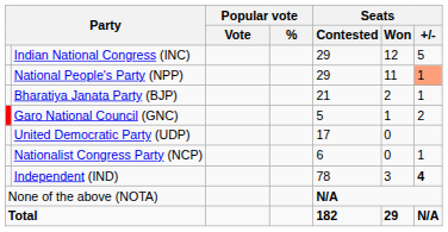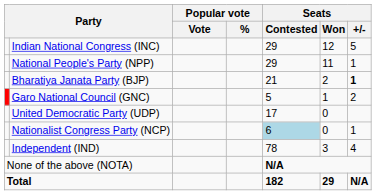 <table class="wikitable sortable" style="text-align:left; font-size:95%;">
 <tr>
 <th colspan="2" rowspan="2" style="text-align:center">Party</th>
 <th colspan="2" style="text-align:center">Popular vote</th>
 <th colspan="3" style="text-align:center">Seats</th>
 </tr>
 <tr>
 <th width="70" style="text-align:center">Vote</th>
 <th width="45" style="text-align:center">%</th>
 <th>Contested</th>
 <th>Won</th>
 <th>+/-</th>
 </tr>
 <tr>
 <td style="background-color: "></td>
 <td><a href='#'>Indian National Congress</a> (INC)</td>
 <td></td>
 <td></td>
 <td>29</td>
 <td>12</td>
 <td> 5</td>
 </tr>
 <tr>
 <td style="background-color:"></td>
 <td><a href='#'>National People's Party</a> (NPP)</td>
 <td></td>
 <td></td>
 <td>29</td>
 <td>11</td>
-<td style="background: lightsalmon;"> 1</td>
+<td> 1</td>
 </tr>
 <tr>
 <td style="background-color: "></td>
 <td><a href='#'>Bharatiya Janata Party</a> (BJP)</td>
 <td></td>
 <td></td>
 <td>21</td>
 <td>2</td>
-<td> 1</td>
+<td><strong> 1</strong></td>
 </tr>
 <tr>
 <td style="background-color:#FF0000"></td>
 <td><a href='#'>Garo National Council</a> (GNC)</td>
 <td></td>
 <td></td>
 <td>5</td>
 <td>1</td>
 <td> 2</td>
 </tr>
 <tr>
 <td style="background-color: "></td>
 <td><a href='#'>United Democratic Party</a> (UDP)</td>
 <td></td>
 <td></td>
 <td>17</td>
 <td>0</td>
 <td></td>
 </tr>
 <tr>
 <td style="background-color: "></td>
 <td><a href='#'>Nationalist Congress Party</a> (NCP)</td>
 <td></td>
 <td></td>
-<td>6</td>
+<td style="background: lightblue;">6</td>
 <td>0</td>
 <td> 1</td>
 </tr>
 <tr>
 <td style="background-color: "></td>
 <td><a href='#'>Independent</a> (IND)</td>
 <td></td>
 <td></td>
 <td>78</td>
 <td>3</td>
-<td><strong> 4</strong></td>
+<td> 4</td>
 </tr>
 <tr>
 <td colspan="2">None of the above (NOTA)</td>
 <td></td>
 <td></td>
 <td colspan="3"><strong>N/A</strong></td>
 </tr>
 <tr style="font-weight:bold;">
 <td align="left" colspan="2">Total</td>
 <td></td>
 <td></td>
 <td><strong>182</strong></td>
 <td><strong>29</strong></td>
 <td><strong>N/A</strong></td>
 </tr>
 </table>
